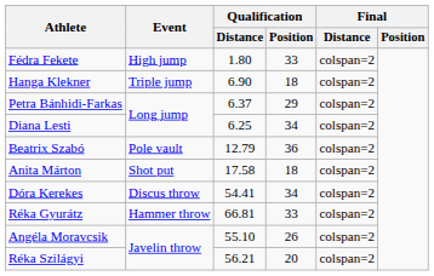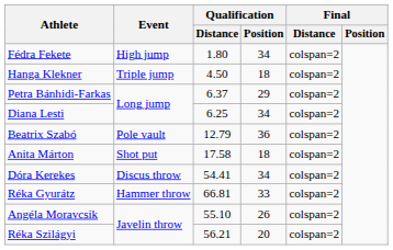 <table class=wikitable style=font-size:90%>
 <tr>
 <th rowspan=2>Athlete</th>
 <th rowspan=2>Event</th>
 <th colspan=2>Qualification</th>
 <th colspan=2>Final</th>
 </tr>
 <tr style=font-size:95%>
 <th>Distance</th>
 <th>Position</th>
 <th>Distance</th>
 <th>Position</th>
 </tr>
 <tr align=center>
 <td align=left><a href='#'>Fédra Fekete</a></td>
 <td align=left><a href='#'>High jump</a></td>
 <td>1.80</td>
-<td>33</td>
+<td>34</td>
 <td>colspan=2 </td>
 </tr>
 <tr align=center>
 <td align=left><a href='#'>Hanga Klekner</a></td>
 <td align=left><a href='#'>Triple jump</a></td>
-<td>6.90 </td>
+<td>4.50 </td>
 <td>18</td>
 <td>colspan=2 </td>
 </tr>
 <tr align=center>
 <td align=left><a href='#'>Petra Bánhidi-Farkas</a></td>
 <td align=left rowspan=2><a href='#'>Long jump</a></td>
 <td>6.37</td>
 <td>29</td>
 <td>colspan=2 </td>
 </tr>
 <tr align=center>
 <td align=left><a href='#'>Diana Lesti</a></td>
 <td>6.25</td>
 <td>34</td>
 <td>colspan=2 </td>
 </tr>
 <tr align=center>
 <td align=left><a href='#'>Beatrix Szabó</a></td>
 <td align=left><a href='#'>Pole vault</a></td>
 <td>12.79</td>
 <td>36</td>
 <td>colspan=2 </td>
 </tr>
 <tr align=center>
 <td align=left><a href='#'>Anita Márton</a></td>
 <td align=left><a href='#'>Shot put</a></td>
 <td>17.58</td>
 <td>18</td>
 <td>colspan=2 </td>
 </tr>
 <tr align=center>
 <td align=left><a href='#'>Dóra Kerekes</a></td>
 <td align=left><a href='#'>Discus throw</a></td>
 <td>54.41</td>
 <td>34</td>
 <td>colspan=2 </td>
 </tr>
 <tr align=center>
 <td align=left><a href='#'>Réka Gyurátz</a></td>
 <td align=left><a href='#'>Hammer throw</a></td>
 <td>66.81</td>
 <td>33</td>
 <td>colspan=2 </td>
 </tr>
 <tr align=center>
 <td align=left><a href='#'>Angéla Moravcsik</a></td>
 <td align=left rowspan=2><a href='#'>Javelin throw</a></td>
 <td>55.10</td>
 <td>26</td>
 <td>colspan=2 </td>
 </tr>
 <tr align=center>
 <td align=left><a href='#'>Réka Szilágyi</a></td>
 <td>56.21</td>
 <td>20</td>
 <td>colspan=2 </td>
 </tr>
 </table>
